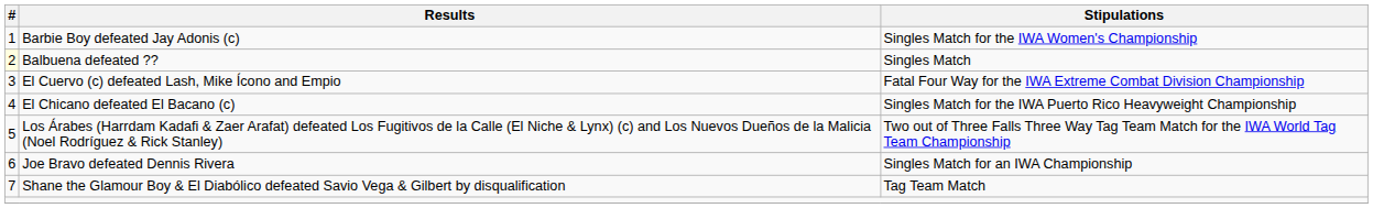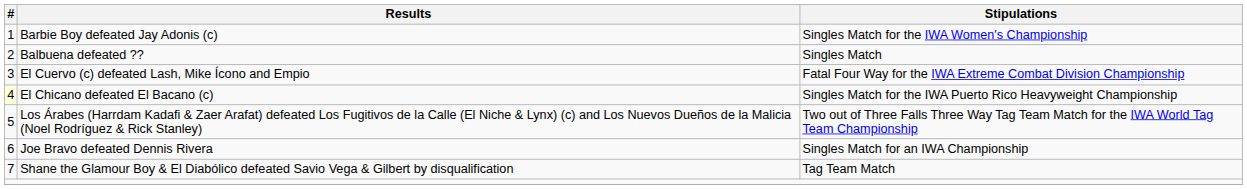 <table class="wikitable">
 <tr>
 <th>#</th>
 <th>Results</th>
 <th>Stipulations</th>
 </tr>
 <tr>
 <td>1</td>
 <td>Barbie Boy defeated Jay Adonis (c)</td>
 <td>Singles Match for the <a href='#'>IWA Women's Championship</a></td>
 </tr>
 <tr>
-<td style="background: lightyellow;">2</td>
+<td>2</td>
 <td>Balbuena defeated ??</td>
 <td>Singles Match</td>
 </tr>
 <tr>
 <td>3</td>
 <td>El Cuervo (c) defeated Lash, Mike Ícono and Empio</td>
 <td>Fatal Four Way for the <a href='#'>IWA Extreme Combat Division Championship</a></td>
 </tr>
 <tr>
-<td>4</td>
+<td style="background: lightyellow;">4</td>
 <td>El Chicano defeated El Bacano (c)</td>
 <td>Singles Match for the IWA Puerto Rico Heavyweight Championship</td>
 </tr>
 <tr>
 <td>5</td>
 <td>Los Árabes (Harrdam Kadafi & Zaer Arafat) defeated Los Fugitivos de la Calle (El Niche & Lynx) (c) and Los Nuevos Dueños de la Malicia (Noel Rodríguez & Rick Stanley)</td>
 <td>Two out of Three Falls Three Way Tag Team Match for the <a href='#'>IWA World Tag Team Championship</a></td>
 </tr>
 <tr>
 <td>6</td>
 <td>Joe Bravo defeated Dennis Rivera</td>
 <td>Singles Match for an IWA Championship</td>
 </tr>
 <tr>
 <td>7</td>
 <td>Shane the Glamour Boy & El Diabólico defeated Savio Vega & Gilbert by disqualification</td>
 <td>Tag Team Match</td>
 </tr>
 <tr>
 <td colspan="10"></td>
 </tr>
 <tr>
 </tr>
 </table>
